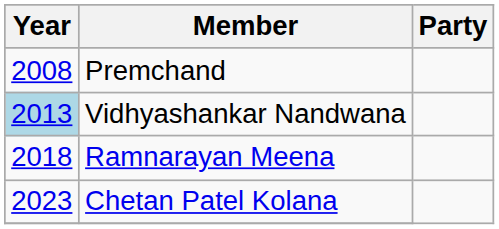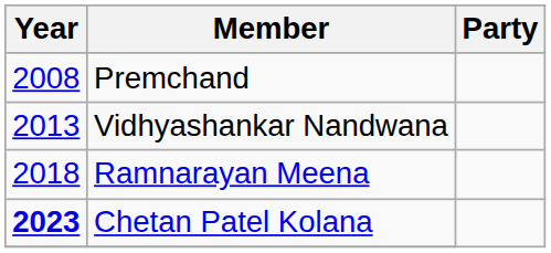 <table class="wikitable sortable">
 <tr>
 <th>Year</th>
 <th>Member</th>
 <th colspan="2">Party</th>
 </tr>
 <tr>
 <td><a href='#'>2008</a></td>
 <td>Premchand</td>
 <td></td>
 </tr>
 <tr>
-<td style="background: lightblue;"><a href='#'>2013</a></td>
+<td><a href='#'>2013</a></td>
 <td>Vidhyashankar Nandwana</td>
 <td></td>
 </tr>
 <tr>
 <td><a href='#'>2018</a></td>
 <td><a href='#'>Ramnarayan Meena</a></td>
 <td></td>
 </tr>
 <tr>
-<td><a href='#'>2023</a></td>
+<td><strong><a href='#'>2023</a></strong></td>
 <td><a href='#'>Chetan Patel Kolana</a></td>
 </tr>
 <tr>
 </tr>
 </table>
